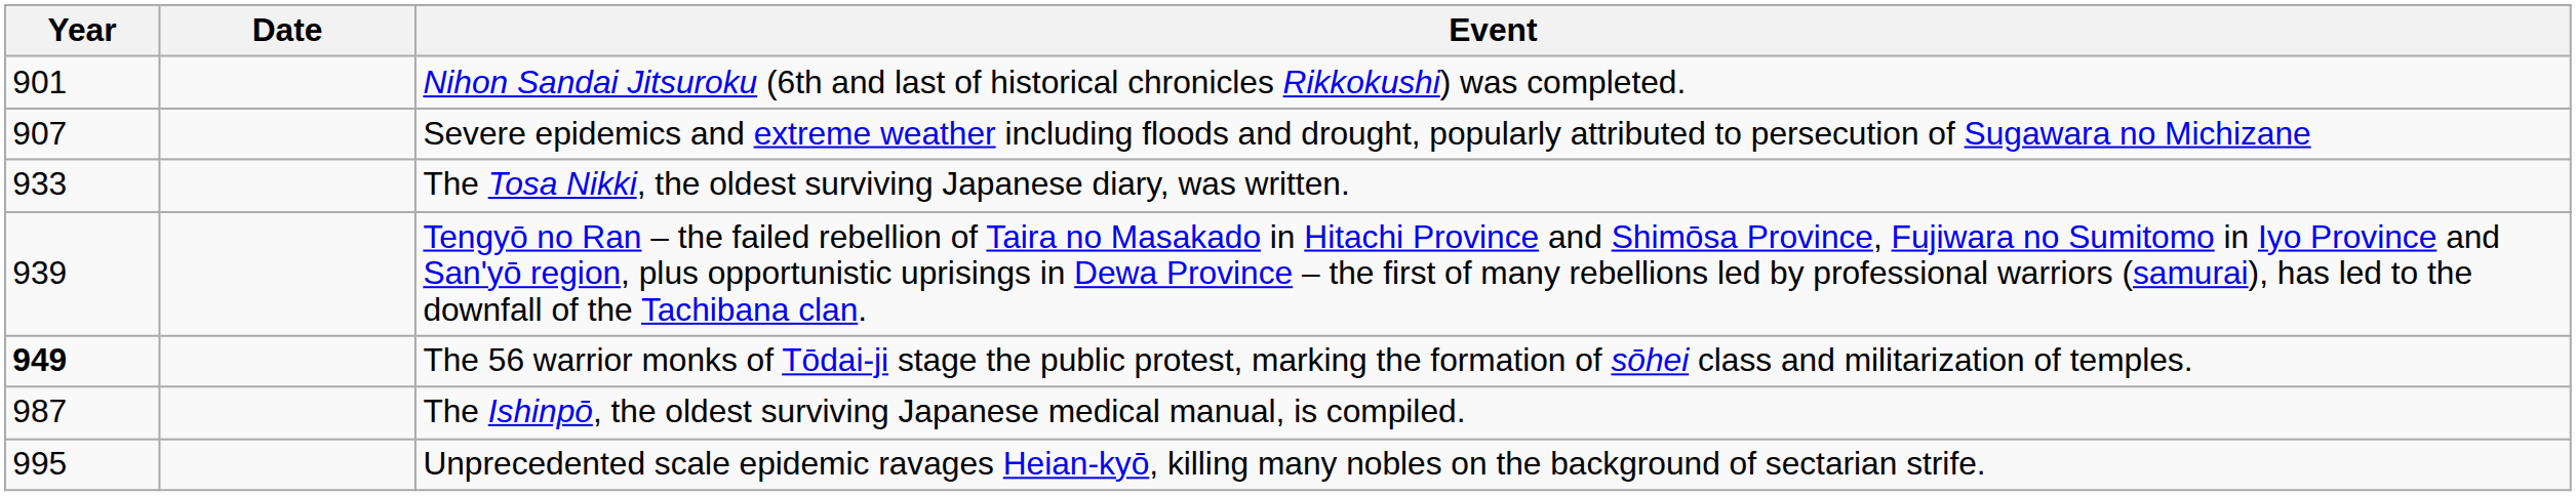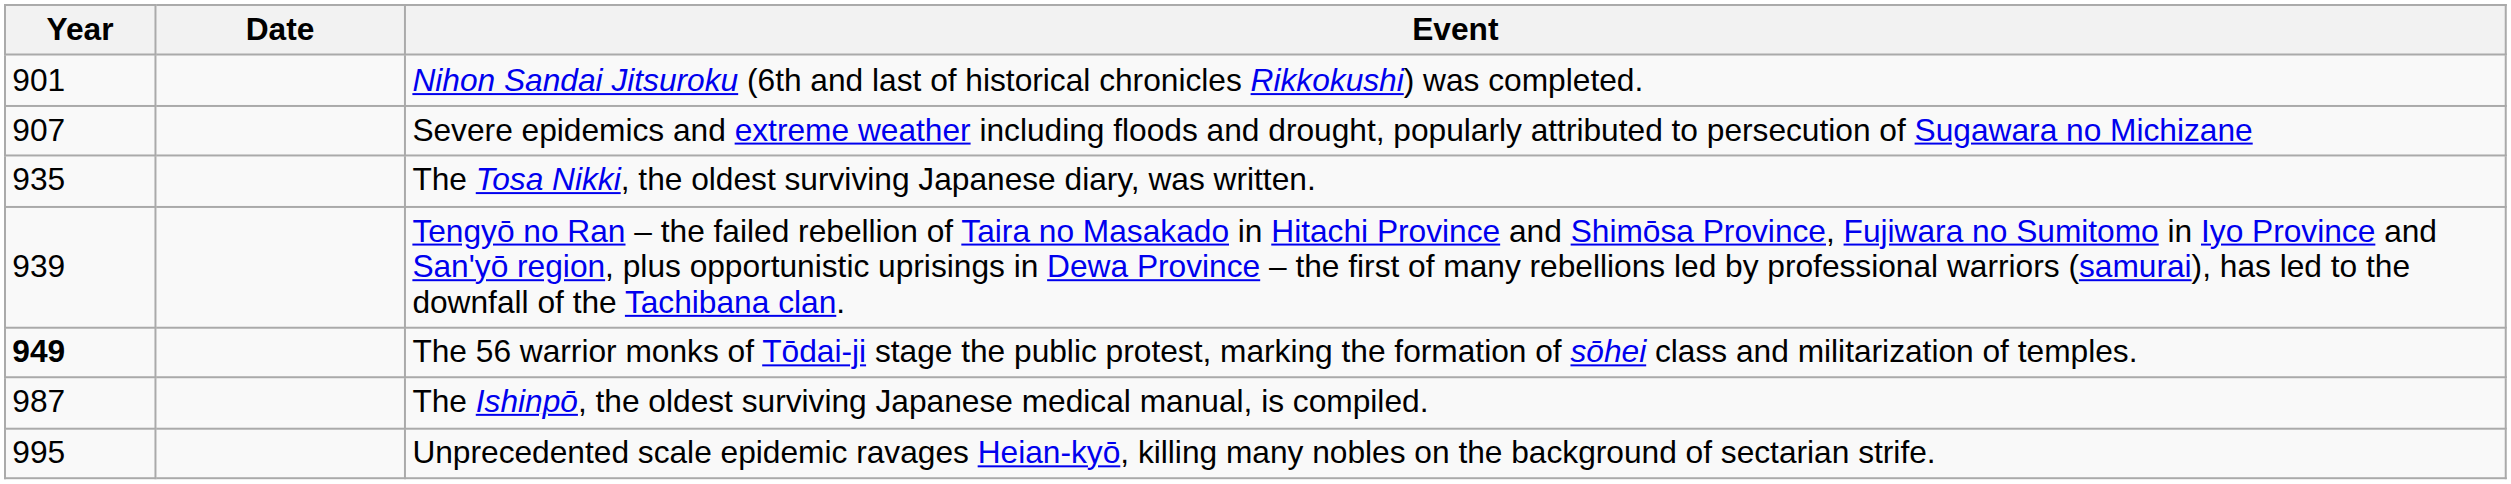 <table class="wikitable" width="100%">
 <tr>
 <th style="width:6%">Year</th>
 <th style="width:10%">Date</th>
 <th>Event</th>
 </tr>
 <tr>
 <td>901</td>
 <td></td>
 <td><em><a href='#'>Nihon Sandai Jitsuroku</a></em> (6th and last of historical chronicles <em><a href='#'>Rikkokushi</a></em>) was completed.</td>
 </tr>
 <tr>
 <td>907</td>
 <td></td>
 <td>Severe epidemics and <a href='#'>extreme weather</a> including floods and drought, popularly attributed to persecution of <a href='#'>Sugawara no Michizane</a></td>
 </tr>
 <tr>
-<td>933</td>
+<td>935</td>
 <td></td>
 <td>The <em><a href='#'>Tosa Nikki</a></em>, the oldest surviving Japanese diary, was written.</td>
 </tr>
 <tr>
 <td>939</td>
 <td></td>
 <td><a href='#'>Tengyō no Ran</a> – the failed rebellion of <a href='#'>Taira no Masakado</a> in <a href='#'>Hitachi Province</a> and <a href='#'>Shimōsa Province</a>, <a href='#'>Fujiwara no Sumitomo</a> in <a href='#'>Iyo Province</a> and <a href='#'>San'yō region</a>, plus opportunistic uprisings in <a href='#'>Dewa Province</a> – the first of many rebellions led by professional warriors (<a href='#'>samurai</a>), has led to the downfall of the <a href='#'>Tachibana clan</a>.</td>
 </tr>
 <tr>
 <td><strong>949</strong></td>
 <td></td>
 <td>The 56 warrior monks of <a href='#'>Tōdai-ji</a> stage the public protest, marking the formation of <em><a href='#'>sōhei</a></em> class and militarization of temples.</td>
 </tr>
 <tr>
 <td>987</td>
 <td></td>
 <td>The <em><a href='#'>Ishinpō</a></em>, the oldest surviving Japanese medical manual, is compiled.</td>
 </tr>
 <tr>
 <td>995</td>
 <td></td>
 <td>Unprecedented scale epidemic ravages <a href='#'>Heian-kyō</a>, killing many nobles on the background of sectarian strife.</td>
 </tr>
 </table>
